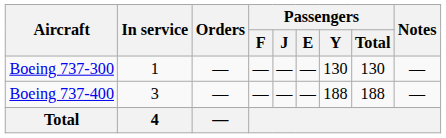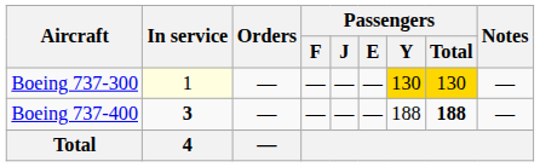 <table class="wikitable" style="margin:1em auto; border-collapse:collapse;text-align:center">
 <tr Pars Fleet>
 <th rowspan="2">Aircraft</th>
 <th rowspan="2">In service</th>
 <th rowspan="2">Orders</th>
 <th colspan="5">Passengers</th>
 <th rowspan="2">Notes</th>
 </tr>
 <tr>
 <th><abbr>F</abbr></th>
 <th><abbr>J</abbr></th>
 <th><abbr>E</abbr></th>
 <th><abbr>Y</abbr></th>
 <th>Total</th>
 </tr>
 <tr>
 <td><a href='#'>Boeing 737-300</a></td>
-<td>1</td>
+<td style="background: lightyellow;">1</td>
 <td>—</td>
 <td>—</td>
 <td>—</td>
 <td>—</td>
-<td>130</td>
-<td>130</td>
+<td style="background: gold;">130</td>
+<td style="background: gold;">130</td>
 <td>—</td>
 </tr>
 <tr>
 <td><a href='#'>Boeing 737-400</a></td>
-<td>3</td>
+<td><strong>3</strong></td>
 <td>—</td>
 <td>—</td>
 <td>—</td>
 <td>—</td>
 <td>188</td>
-<td>188</td>
+<td><strong>188</strong></td>
 <td>—</td>
 </tr>
 <tr>
 <th>Total</th>
 <th>4</th>
 <th>—</th>
 <th colspan="7"></th>
 </tr>
 </table>
